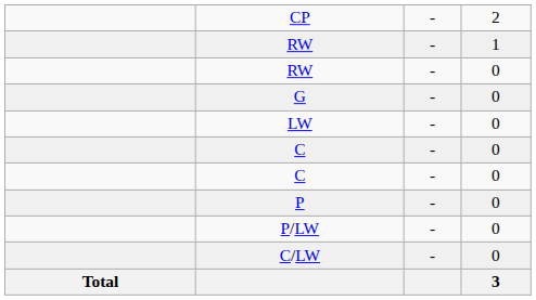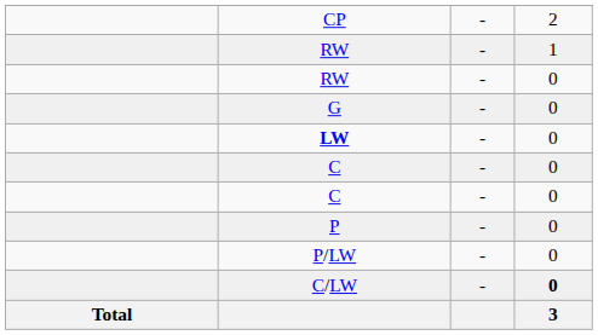 <table class="wikitable sortable" width ="40%">
 <tr align="center">
 </tr>
 <tr align="center" bgcolor="">
 <td></td>
 <td><a href='#'>CP</a></td>
 <td>-</td>
 <td>2</td>
 </tr>
 <tr align="center" bgcolor="f0f0f0">
 <td></td>
 <td><a href='#'>RW</a></td>
 <td>-</td>
 <td>1</td>
 </tr>
 <tr align="center" bgcolor="">
 <td></td>
 <td><a href='#'>RW</a></td>
 <td>-</td>
 <td>0</td>
 </tr>
 <tr align="center" bgcolor="f0f0f0">
 <td></td>
 <td><a href='#'>G</a></td>
 <td>-</td>
 <td>0</td>
 </tr>
 <tr align="center" bgcolor="">
 <td></td>
-<td><a href='#'>LW</a></td>
+<td><strong><a href='#'>LW</a></strong></td>
 <td>-</td>
 <td>0</td>
 </tr>
 <tr align="center" bgcolor="f0f0f0">
 <td></td>
 <td><a href='#'>C</a></td>
 <td>-</td>
 <td>0</td>
 </tr>
 <tr align="center" bgcolor="">
 <td></td>
 <td><a href='#'>C</a></td>
 <td>-</td>
 <td>0</td>
 </tr>
 <tr align="center" bgcolor="f0f0f0">
 <td></td>
 <td><a href='#'>P</a></td>
 <td>-</td>
 <td>0</td>
 </tr>
 <tr align="center" bgcolor="">
 <td></td>
 <td><a href='#'>P</a>/<a href='#'>LW</a></td>
 <td>-</td>
 <td>0</td>
 </tr>
 <tr align="center" bgcolor="f0f0f0">
 <td></td>
 <td><a href='#'>C</a>/<a href='#'>LW</a></td>
 <td>-</td>
-<td>0</td>
+<td><strong>0</strong></td>
 </tr>
 <tr>
 <th>Total</th>
 <th></th>
 <th></th>
 <th>3</th>
 </tr>
 </table>
